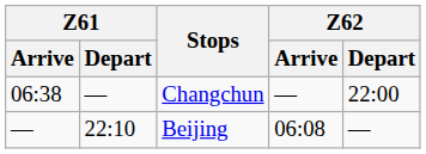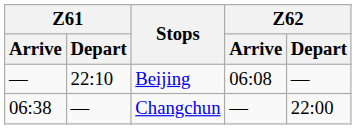 <table class="wikitable">
 <tr>
 <th colspan="2">Z61</th>
 <th rowspan="2">Stops</th>
 <th colspan="2">Z62</th>
 </tr>
 <tr>
 <th>Arrive</th>
 <th>Depart</th>
 <th>Arrive</th>
 <th>Depart</th>
 </tr>
 <tr>
+<td>—</td>
+<td>22:10</td>
+<td><a href='#'>Beijing</a></td>
+<td>06:08</td>
+<td>—</td>
+</tr>
+<tr>
 <td>06:38</td>
 <td>—</td>
 <td><a href='#'>Changchun</a></td>
 <td>—</td>
 <td>22:00</td>
 </tr>
-<tr>
-<td>—</td>
-<td>22:10</td>
-<td><a href='#'>Beijing</a></td>
-<td>06:08</td>
-<td>—</td>
-</tr>
 </table>
